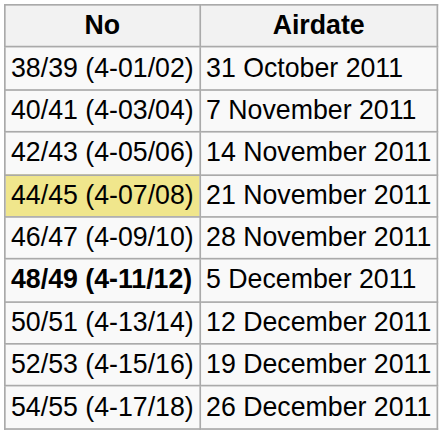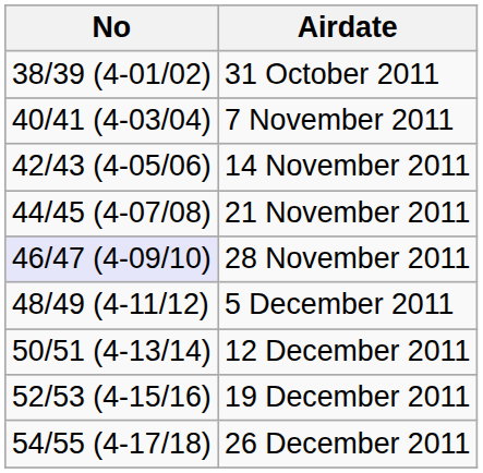 <table class="wikitable">
 <tr>
 <th>No</th>
 <th>Airdate</th>
 </tr>
 <tr>
 <td rowspan="1">38/39 (4-01/02)</td>
 <td>31 October 2011</td>
 </tr>
 <tr>
 <td rowspan="1">40/41 (4-03/04)</td>
 <td>7 November 2011</td>
 </tr>
 <tr>
 <td rowspan="1">42/43 (4-05/06)</td>
 <td>14 November 2011</td>
 </tr>
 <tr>
-<td rowspan="1" style="background: khaki;">44/45 (4-07/08)</td>
+<td rowspan="1">44/45 (4-07/08)</td>
 <td>21 November 2011</td>
 </tr>
 <tr>
-<td rowspan="1">46/47 (4-09/10)</td>
+<td rowspan="1" style="background: lavender;">46/47 (4-09/10)</td>
 <td>28 November 2011</td>
 </tr>
 <tr>
-<td rowspan="1"><strong>48/49 (4-11/12)</strong></td>
+<td rowspan="1">48/49 (4-11/12)</td>
 <td>5 December 2011</td>
 </tr>
 <tr>
 <td rowspan="1">50/51 (4-13/14)</td>
 <td>12 December 2011</td>
 </tr>
 <tr>
 <td rowspan="1">52/53 (4-15/16)</td>
 <td>19 December 2011</td>
 </tr>
 <tr>
 <td rowspan="1">54/55 (4-17/18)</td>
 <td>26 December 2011</td>
 </tr>
 </table>
